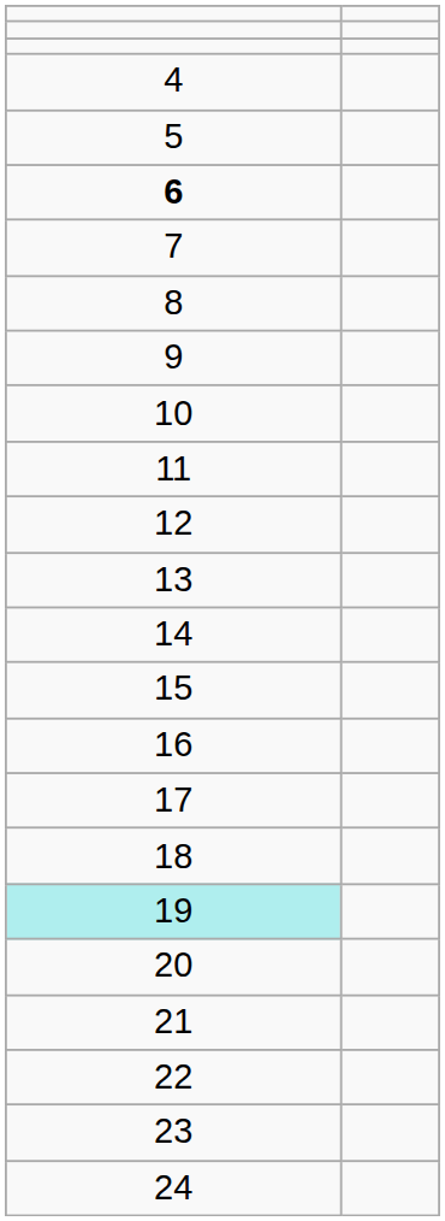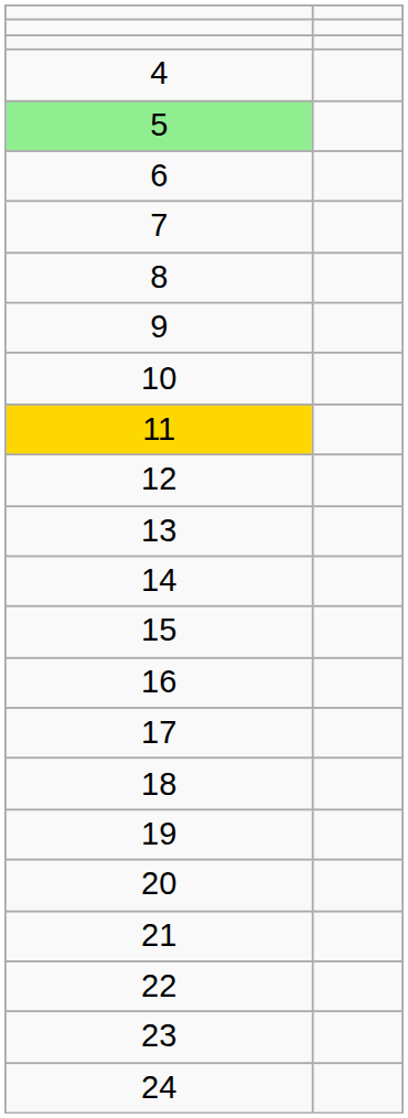 <table class="wikitable" width="200px">
 <tr>
 <td align=center></td>
 <td></td>
 </tr>
 <tr>
 <td align=center></td>
 <td></td>
 </tr>
 <tr>
 <td align=center></td>
 <td></td>
 </tr>
 <tr>
 <td align=center>4</td>
 <td></td>
 </tr>
 <tr>
-<td align=center>5</td>
+<td align=center style="background: lightgreen;">5</td>
 <td></td>
 </tr>
 <tr>
-<td align=center><strong>6</strong></td>
+<td align=center>6</td>
 <td></td>
 </tr>
 <tr>
 <td align=center>7</td>
 <td></td>
 </tr>
 <tr>
 <td align=center>8</td>
 <td></td>
 </tr>
 <tr>
 <td align=center>9</td>
 <td></td>
 </tr>
 <tr>
 <td align=center>10</td>
 <td></td>
 </tr>
 <tr>
-<td align=center>11</td>
+<td align=center style="background: gold;">11</td>
 <td></td>
 </tr>
 <tr>
 <td align=center>12</td>
 <td></td>
 </tr>
 <tr>
 <td align=center>13</td>
 <td></td>
 </tr>
 <tr>
 <td align=center>14</td>
 <td></td>
 </tr>
 <tr>
 <td align=center>15</td>
 <td></td>
 </tr>
 <tr>
 <td align=center>16</td>
 <td></td>
 </tr>
 <tr>
 <td align=center>17</td>
 <td></td>
 </tr>
 <tr>
 <td align=center>18</td>
 <td></td>
 </tr>
 <tr>
-<td align=center style="background: paleturquoise;">19</td>
+<td align=center>19</td>
 <td></td>
 </tr>
 <tr>
 <td align=center>20</td>
 <td></td>
 </tr>
 <tr>
 <td align=center>21</td>
 <td></td>
 </tr>
 <tr>
 <td align=center>22</td>
 <td></td>
 </tr>
 <tr>
 <td align=center>23</td>
 <td></td>
 </tr>
 <tr>
 <td align=center>24</td>
 <td></td>
 </tr>
 </table>
